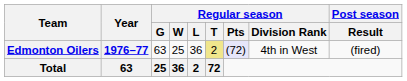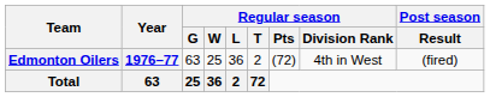 <table class="wikitable" style="font-size: 95%; text-align:center;">
 <tr>
 <th rowspan="2">Team</th>
 <th rowspan="2">Year</th>
 <th colspan="6"><a href='#'>Regular season</a></th>
 <th colspan="1"><a href='#'>Post season</a></th>
 </tr>
 <tr>
 <th>G</th>
 <th>W</th>
 <th>L</th>
 <th>T</th>
 <th>Pts</th>
 <th>Division Rank</th>
 <th>Result</th>
 </tr>
 <tr>
 <th><a href='#'>Edmonton Oilers</a></th>
 <th><a href='#'>1976–77</a></th>
 <td>63</td>
 <td>25</td>
 <td>36</td>
-<td style="background: khaki;">2</td>
-<td style="background: lavender;">(72)</td>
+<td>2</td>
+<td>(72)</td>
 <td>4th in West</td>
 <td>(fired)</td>
 </tr>
 <tr>
 <th colspan"2">Total</th>
 <th>63</th>
 <th>25</th>
 <th>36</th>
 <th>2</th>
 <th>72</th>
 </tr>
 </table>
